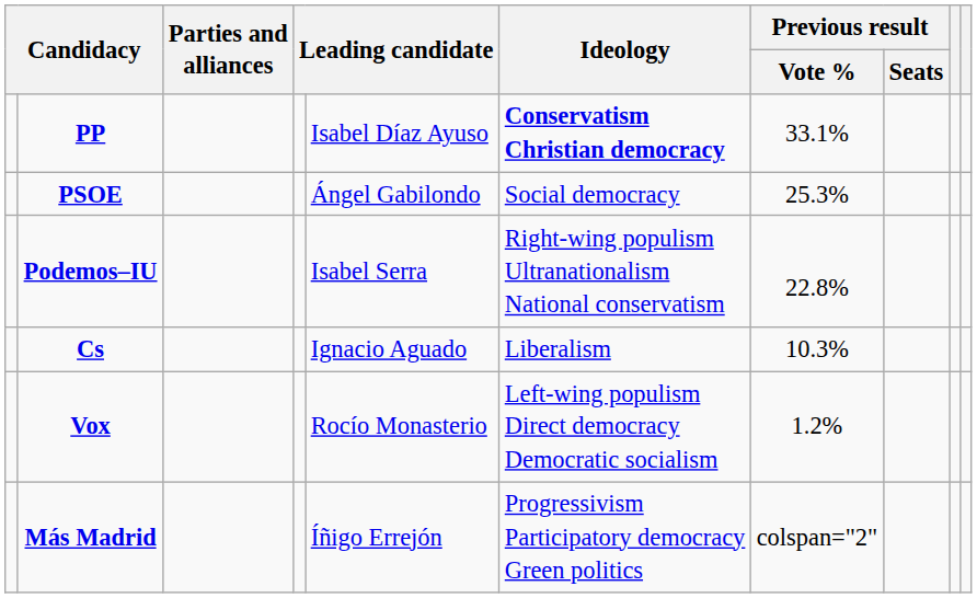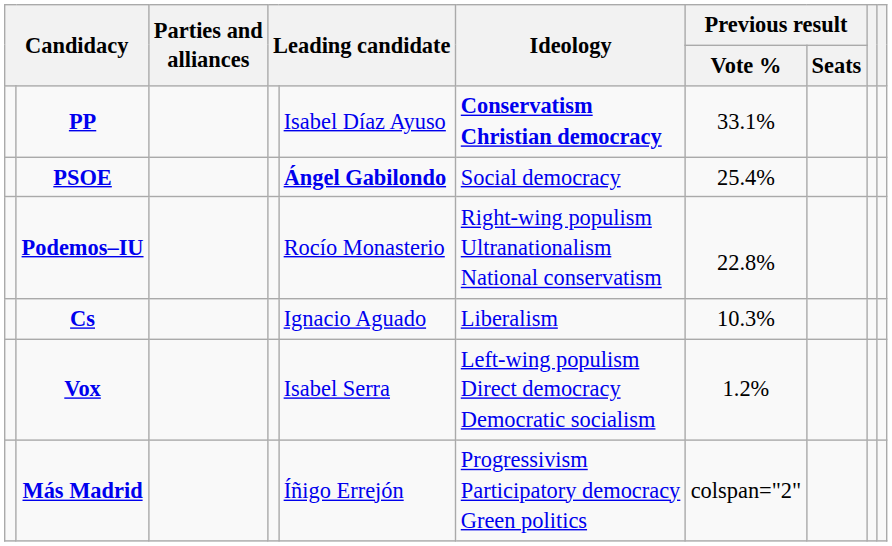 <table class="wikitable" style="line-height:1.35em; text-align:left;">
 <tr>
 <th colspan="2" rowspan="2">Candidacy</th>
 <th rowspan="2">Parties and<br>alliances</th>
 <th colspan="2" rowspan="2">Leading candidate</th>
 <th rowspan="2">Ideology</th>
 <th colspan="2">Previous result</th>
 <th rowspan="2"></th>
 <th rowspan="2"></th>
 </tr>
 <tr>
 <th>Vote %</th>
 <th>Seats</th>
 </tr>
 <tr>
 <td width="1" style="color:inherit;background:"></td>
 <td align="center"><strong><a href='#'>PP</a></strong></td>
 <td></td>
 <td></td>
 <td><a href='#'>Isabel Díaz Ayuso</a></td>
 <td><strong><a href='#'>Conservatism</a><br><a href='#'>Christian democracy</a></strong></td>
 <td align="center">33.1%</td>
 <td></td>
 <td></td>
 <td></td>
 </tr>
 <tr>
 <td style="color:inherit;background:"></td>
 <td align="center"><strong><a href='#'>PSOE</a></strong></td>
 <td></td>
 <td></td>
-<td><a href='#'>Ángel Gabilondo</a></td>
+<td><strong><a href='#'>Ángel Gabilondo</a></strong></td>
 <td><a href='#'>Social democracy</a></td>
-<td align="center">25.3%</td>
+<td align="center">25.4%</td>
 <td></td>
 <td></td>
 <td></td>
 </tr>
 <tr>
 <td style="color:inherit;background:"></td>
 <td align="center"><strong><a href='#'>Podemos–IU</a></strong></td>
 <td></td>
 <td></td>
-<td><a href='#'>Isabel Serra</a></td>
+<td><a href='#'>Rocío Monasterio</a></td>
 <td><a href='#'>Right-wing populism</a><br><a href='#'>Ultranationalism</a><br><a href='#'>National conservatism</a></td>
 <td align="center"><br>22.8%<br></td>
 <td></td>
 <td></td>
 <td><br><br><br></td>
 </tr>
 <tr>
 <td style="color:inherit;background:"></td>
 <td align="center"><strong><a href='#'>Cs</a></strong></td>
 <td></td>
 <td></td>
 <td><a href='#'>Ignacio Aguado</a></td>
 <td><a href='#'>Liberalism</a></td>
 <td align="center">10.3%</td>
 <td></td>
 <td></td>
 <td></td>
 </tr>
 <tr>
 <td style="color:inherit;background:"></td>
 <td align="center"><strong><a href='#'>Vox</a></strong></td>
 <td></td>
 <td></td>
-<td><a href='#'>Rocío Monasterio</a></td>
+<td><a href='#'>Isabel Serra</a></td>
 <td><a href='#'>Left-wing populism</a><br><a href='#'>Direct democracy</a><br><a href='#'>Democratic socialism</a></td>
 <td align="center">1.2%</td>
 <td></td>
 <td></td>
 <td></td>
 </tr>
 <tr>
 <td style="color:inherit;background:"></td>
 <td align="center"><strong><a href='#'>Más Madrid</a></strong></td>
 <td></td>
 <td></td>
 <td><a href='#'>Íñigo Errejón</a></td>
 <td><a href='#'>Progressivism</a><br><a href='#'>Participatory democracy</a><br><a href='#'>Green politics</a></td>
 <td>colspan="2" </td>
 <td></td>
 <td><br><br></td>
 </tr>
 </table>
